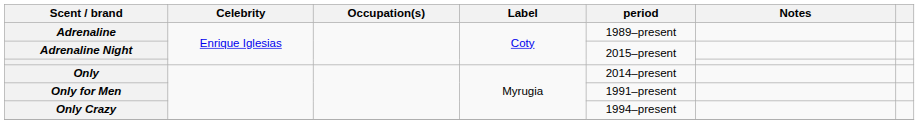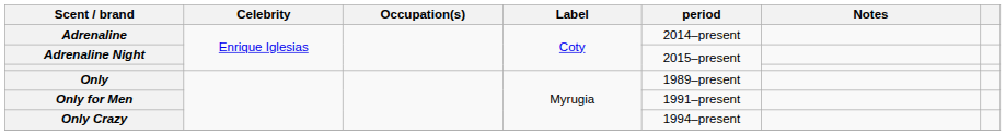 <table class="wikitable sortable plainrowheaders" font-size:95%; style="text-align:center;" width="100%;">
 <tr>
 <th scope="col" width="18%">Scent / brand</th>
 <th scope="col" width:"16%">Celebrity</th>
 <th scope="col" width="16%">Occupation(s)</th>
 <th scope="col" width="14%">Label</th>
 <th scope="col" width="12%"> period</th>
 <th scope="col" width="22%;" class="unsortable">Notes</th>
 <th scope="col" width="2%;" class="unsortable"></th>
 </tr>
 <tr>
 <th scope="row"><em>Adrenaline</em></th>
 <td rowspan="3"><a href='#'>Enrique Iglesias</a></td>
 <td rowspan="3"></td>
 <td rowspan="3"><a href='#'>Coty</a></td>
-<td>1989–present</td>
+<td>2014–present</td>
 <td style="text-align:left;"></td>
 <td></td>
 </tr>
 <tr>
 <th scope="row"><em>Adrenaline Night</em></th>
 <td rowspan="2">2015–present</td>
 <td style="text-align:left;"></td>
 <td></td>
 </tr>
 <tr>
 <th scope="row"></th>
 <td style="text-align:left;"></td>
 <td></td>
 </tr>
 <tr>
 <th scope="row"><em>Only</em></th>
 <td rowspan="3"></td>
 <td rowspan="3"></td>
 <td rowspan="3">Myrugia</td>
-<td>2014–present</td>
+<td>1989–present</td>
 <td style="text-align:left;"></td>
 <td></td>
 </tr>
 <tr>
 <th scope="row"><em>Only for Men</em></th>
 <td>1991–present</td>
 <td style="text-align:left;"></td>
 <td></td>
 </tr>
 <tr>
 <th scope="row"><em>Only Crazy</em></th>
 <td>1994–present</td>
 <td style="text-align:left;"></td>
 <td></td>
 </tr>
 <tr>
 </tr>
 </table>
